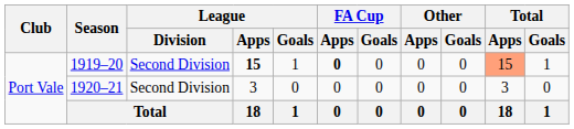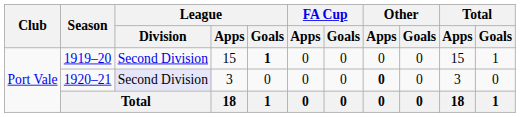 <table class="wikitable" style="text-align:center">
 <tr>
 <th rowspan="2">Club</th>
 <th rowspan="2">Season</th>
 <th colspan="3">League</th>
 <th colspan="2"><a href='#'>FA Cup</a></th>
 <th colspan="2">Other</th>
 <th colspan="2">Total</th>
 </tr>
 <tr>
 <th>Division</th>
 <th>Apps</th>
 <th>Goals</th>
 <th>Apps</th>
 <th>Goals</th>
 <th>Apps</th>
 <th>Goals</th>
 <th>Apps</th>
 <th>Goals</th>
 </tr>
 <tr>
 <td rowspan="3"><a href='#'>Port Vale</a></td>
 <td><a href='#'>1919–20</a></td>
 <td><a href='#'>Second Division</a></td>
-<td><strong>15</strong></td>
-<td>1</td>
-<td><strong>0</strong></td>
+<td>15</td>
+<td><strong>1</strong></td>
 <td>0</td>
 <td>0</td>
 <td>0</td>
-<td style="background: lightsalmon;">15</td>
+<td>0</td>
+<td>15</td>
 <td>1</td>
 </tr>
 <tr>
 <td><a href='#'>1920–21</a></td>
-<td>Second Division</td>
+<td style="background: lavender;">Second Division</td>
 <td>3</td>
 <td>0</td>
 <td>0</td>
 <td>0</td>
-<td>0</td>
+<td><strong>0</strong></td>
 <td>0</td>
 <td>3</td>
 <td>0</td>
 </tr>
 <tr>
 <th colspan="2">Total</th>
 <th>18</th>
 <th>1</th>
 <th>0</th>
 <th>0</th>
 <th>0</th>
 <th>0</th>
 <th>18</th>
 <th>1</th>
 </tr>
 </table>
